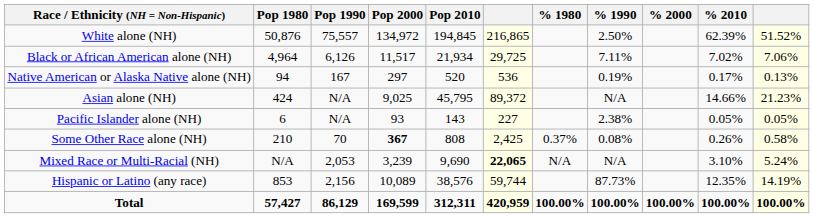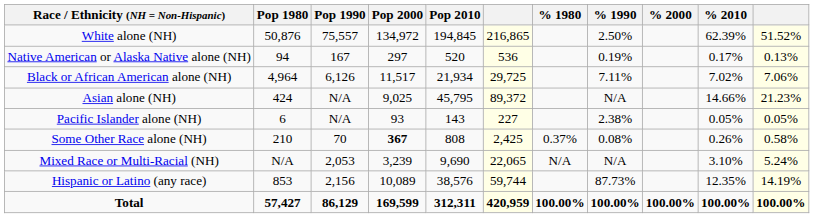 <table class="wikitable" style="text-align:center;">
 <tr>
 <th>Race / Ethnicity <small>(<em>NH = Non-Hispanic</em>)</small></th>
 <th>Pop 1980</th>
 <th>Pop 1990</th>
 <th>Pop 2000</th>
 <th>Pop 2010</th>
 <th></th>
 <th>% 1980</th>
 <th>% 1990</th>
 <th>% 2000</th>
 <th>% 2010</th>
 <th></th>
 </tr>
 <tr>
 <td><a href='#'>White</a> alone (NH)</td>
 <td>50,876</td>
 <td>75,557</td>
 <td>134,972</td>
 <td>194,845</td>
 <td style='background: #ffffe6;'>216,865</td>
 <td></td>
 <td>2.50%</td>
 <td></td>
 <td>62.39%</td>
 <td style='background: #ffffe6;'>51.52%</td>
 </tr>
 <tr>
+<td><a href='#'>Native American</a> or <a href='#'>Alaska Native</a> alone (NH)</td>
+<td>94</td>
+<td>167</td>
+<td>297</td>
+<td>520</td>
+<td style='background: #ffffe6;'>536</td>
+<td></td>
+<td>0.19%</td>
+<td></td>
+<td>0.17%</td>
+<td style='background: #ffffe6;'>0.13%</td>
+</tr>
+<tr>
 <td><a href='#'>Black or African American</a> alone (NH)</td>
 <td>4,964</td>
 <td>6,126</td>
 <td>11,517</td>
 <td>21,934</td>
 <td style='background: #ffffe6;'>29,725</td>
 <td></td>
 <td>7.11%</td>
 <td></td>
 <td>7.02%</td>
 <td style='background: #ffffe6;'>7.06%</td>
-</tr>
-<tr>
-<td><a href='#'>Native American</a> or <a href='#'>Alaska Native</a> alone (NH)</td>
-<td>94</td>
-<td>167</td>
-<td>297</td>
-<td>520</td>
-<td style='background: #ffffe6;'>536</td>
-<td></td>
-<td>0.19%</td>
-<td></td>
-<td>0.17%</td>
-<td style='background: #ffffe6;'>0.13%</td>
 </tr>
 <tr>
 <td><a href='#'>Asian</a> alone (NH)</td>
 <td>424</td>
 <td>N/A</td>
 <td>9,025</td>
 <td>45,795</td>
 <td style='background: #ffffe6;'>89,372</td>
 <td></td>
 <td>N/A</td>
 <td></td>
 <td>14.66%</td>
 <td style='background: #ffffe6;'>21.23%</td>
 </tr>
 <tr>
 <td><a href='#'>Pacific Islander</a> alone (NH)</td>
 <td>6</td>
 <td>N/A</td>
 <td>93</td>
 <td>143</td>
 <td style='background: #ffffe6;'>227</td>
 <td></td>
 <td>2.38%</td>
 <td></td>
 <td>0.05%</td>
 <td style='background: #ffffe6;'>0.05%</td>
 </tr>
 <tr>
 <td><a href='#'>Some Other Race</a> alone (NH)</td>
 <td>210</td>
 <td>70</td>
 <td><strong>367</strong></td>
 <td>808</td>
 <td style='background: #ffffe6;'>2,425</td>
 <td>0.37%</td>
 <td>0.08%</td>
 <td></td>
 <td>0.26%</td>
 <td style='background: #ffffe6;'>0.58%</td>
 </tr>
 <tr>
 <td><a href='#'>Mixed Race or Multi-Racial</a> (NH)</td>
 <td>N/A</td>
 <td>2,053</td>
 <td>3,239</td>
 <td>9,690</td>
-<td style='background: #ffffe6;'><strong>22,065</strong></td>
+<td style='background: #ffffe6;'>22,065</td>
 <td>N/A</td>
 <td>N/A</td>
 <td></td>
 <td>3.10%</td>
 <td style='background: #ffffe6;'>5.24%</td>
 </tr>
 <tr>
 <td><a href='#'>Hispanic or Latino</a> (any race)</td>
 <td>853</td>
 <td>2,156</td>
 <td>10,089</td>
 <td>38,576</td>
 <td style='background: #ffffe6;'>59,744</td>
 <td></td>
 <td>87.73%</td>
 <td></td>
 <td>12.35%</td>
 <td style='background: #ffffe6;'>14.19%</td>
 </tr>
 <tr>
 <td><strong>Total</strong></td>
 <td><strong>57,427</strong></td>
 <td><strong>86,129</strong></td>
 <td><strong>169,599</strong></td>
 <td><strong>312,311</strong></td>
 <td style='background: #ffffe6;'><strong>420,959</strong></td>
 <td><strong>100.00%</strong></td>
 <td><strong>100.00%</strong></td>
 <td><strong>100.00%</strong></td>
 <td><strong>100.00%</strong></td>
 <td style='background: #ffffe6;'><strong>100.00%</strong></td>
 </tr>
 </table>
